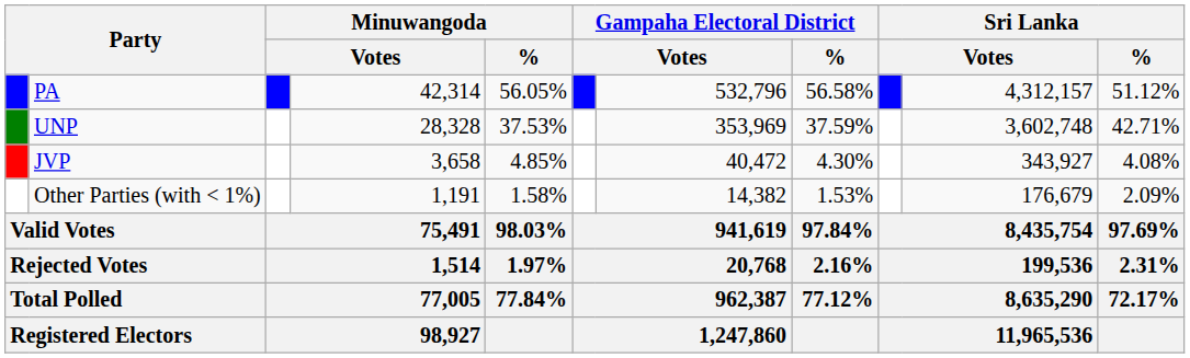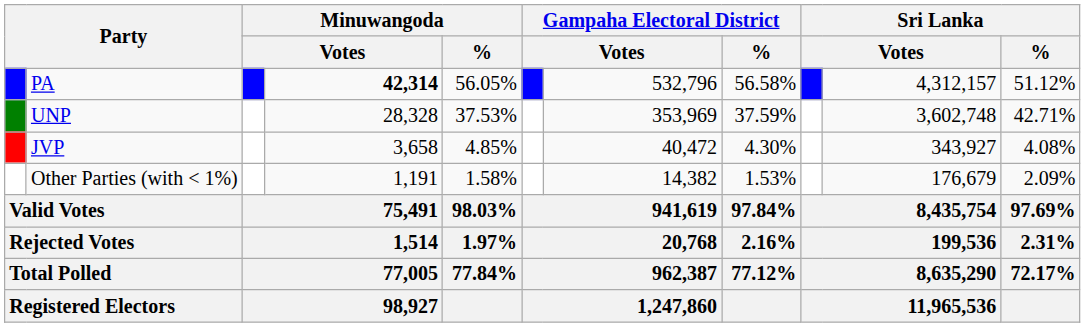 <table class="wikitable">
 <tr>
 <th colspan="2" width="144px"rowspan="2">Party</th>
 <th colspan="3" width="216px">Minuwangoda</th>
 <th colspan="3" width="216px"><a href='#'>Gampaha Electoral District</a></th>
 <th colspan="3" width="216px">Sri Lanka</th>
 </tr>
 <tr>
 <th colspan="2" width="144px">Votes</th>
 <th>%</th>
 <th colspan="2" width="144px">Votes</th>
 <th>%</th>
 <th colspan="2" width="144px">Votes</th>
 <th>%</th>
 </tr>
 <tr>
 <td style="background-color:blue;" width="10px"></td>
 <td style="text-align:left;"><a href='#'>PA</a></td>
 <td style="background-color:blue;" width="10px"></td>
-<td style="text-align:right;">42,314</td>
+<td style="text-align:right;"><strong>42,314</strong></td>
 <td style="text-align:right;">56.05%</td>
 <td style="background-color:blue;" width="10px"></td>
 <td style="text-align:right;">532,796</td>
 <td style="text-align:right;">56.58%</td>
 <td style="background-color:blue;" width="10px"></td>
 <td style="text-align:right;">4,312,157</td>
 <td style="text-align:right;">51.12%</td>
 </tr>
 <tr>
 <td style="background-color:green;" width="10px"></td>
 <td style="text-align:left;"><a href='#'>UNP</a></td>
 <td style="background-color:white;" width="10px"></td>
 <td style="text-align:right;">28,328</td>
 <td style="text-align:right;">37.53%</td>
 <td style="background-color:white;" width="10px"></td>
 <td style="text-align:right;">353,969</td>
 <td style="text-align:right;">37.59%</td>
 <td style="background-color:white;" width="10px"></td>
 <td style="text-align:right;">3,602,748</td>
 <td style="text-align:right;">42.71%</td>
 </tr>
 <tr>
 <td style="background-color:red;" width="10px"></td>
 <td style="text-align:left;"><a href='#'>JVP</a></td>
 <td style="background-color:white;" width="10px"></td>
 <td style="text-align:right;">3,658</td>
 <td style="text-align:right;">4.85%</td>
 <td style="background-color:white;" width="10px"></td>
 <td style="text-align:right;">40,472</td>
 <td style="text-align:right;">4.30%</td>
 <td style="background-color:white;" width="10px"></td>
 <td style="text-align:right;">343,927</td>
 <td style="text-align:right;">4.08%</td>
 </tr>
 <tr>
 <td style="background-color:white;" width="10px"></td>
 <td style="text-align:left;">Other Parties (with < 1%)</td>
 <td style="background-color:white;" width="10px"></td>
 <td style="text-align:right;">1,191</td>
 <td style="text-align:right;">1.58%</td>
 <td style="background-color:white;" width="10px"></td>
 <td style="text-align:right;">14,382</td>
 <td style="text-align:right;">1.53%</td>
 <td style="background-color:white;" width="10px"></td>
 <td style="text-align:right;">176,679</td>
 <td style="text-align:right;">2.09%</td>
 </tr>
 <tr>
 <th colspan="2" width="144px"style="text-align:left;">Valid Votes</th>
 <th style="text-align:right;"colspan="2" width="144px">75,491</th>
 <th style="text-align:right;">98.03%</th>
 <th style="text-align:right;"colspan="2" width="144px">941,619</th>
 <th style="text-align:right;">97.84%</th>
 <th style="text-align:right;"colspan="2" width="144px">8,435,754</th>
 <th style="text-align:right;">97.69%</th>
 </tr>
 <tr>
 <th colspan="2" width="144px"style="text-align:left;">Rejected Votes</th>
 <th style="text-align:right;"colspan="2" width="144px">1,514</th>
 <th style="text-align:right;">1.97%</th>
 <th style="text-align:right;"colspan="2" width="144px">20,768</th>
 <th style="text-align:right;">2.16%</th>
 <th style="text-align:right;"colspan="2" width="144px">199,536</th>
 <th style="text-align:right;">2.31%</th>
 </tr>
 <tr>
 <th colspan="2" width="144px"style="text-align:left;">Total Polled</th>
 <th style="text-align:right;"colspan="2" width="144px">77,005</th>
 <th style="text-align:right;">77.84%</th>
 <th style="text-align:right;"colspan="2" width="144px">962,387</th>
 <th style="text-align:right;">77.12%</th>
 <th style="text-align:right;"colspan="2" width="144px">8,635,290</th>
 <th style="text-align:right;">72.17%</th>
 </tr>
 <tr>
 <th colspan="2" width="144px"style="text-align:left;">Registered Electors</th>
 <th style="text-align:right;"colspan="2" width="144px">98,927</th>
 <th></th>
 <th style="text-align:right;"colspan="2" width="144px">1,247,860</th>
 <th></th>
 <th style="text-align:right;"colspan="2" width="144px">11,965,536</th>
 <th></th>
 </tr>
 </table>
